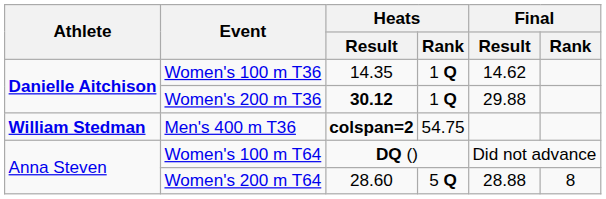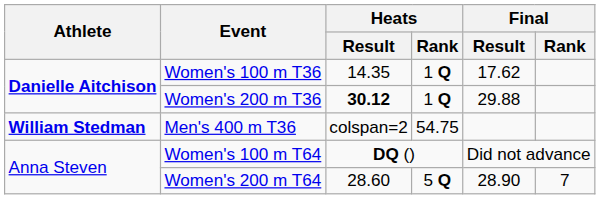 <table class=wikitable style="font-size:90%">
 <tr>
 <th rowspan="2">Athlete</th>
 <th rowspan="2">Event</th>
 <th colspan="2">Heats</th>
 <th colspan="2">Final</th>
 </tr>
 <tr>
 <th>Result</th>
 <th>Rank</th>
 <th>Result</th>
 <th>Rank</th>
 </tr>
 <tr align=center>
 <td rowspan=2 align=left><strong><a href='#'>Danielle Aitchison</a></strong></td>
 <td><a href='#'>Women's 100 m T36</a></td>
 <td>14.35</td>
 <td>1 <strong>Q</strong></td>
-<td>14.62</td>
+<td>17.62</td>
 <td></td>
 </tr>
 <tr align=center>
 <td align=left><a href='#'>Women's 200 m T36</a></td>
 <td><strong>30.12</strong></td>
 <td>1 <strong>Q</strong></td>
 <td>29.88</td>
 <td></td>
 </tr>
 <tr align=center>
 <td align=left><strong><a href='#'>William Stedman</a></strong></td>
 <td align=left><a href='#'>Men's 400 m T36</a></td>
-<td><strong>colspan=2 </strong></td>
+<td>colspan=2 </td>
 <td>54.75</td>
 <td></td>
 </tr>
 <tr align=center>
 <td rowspan=2 align=left><a href='#'>Anna Steven</a></td>
 <td align=left><a href='#'>Women's 100 m T64</a></td>
 <td colspan="2"><strong>DQ</strong> ()</td>
 <td colspan="2">Did not advance</td>
 </tr>
 <tr align=center>
 <td align=left><a href='#'>Women's 200 m T64</a></td>
 <td>28.60</td>
 <td>5 <strong>Q</strong></td>
-<td>28.88</td>
-<td>8</td>
+<td>28.90</td>
+<td>7</td>
 </tr>
 </table>
